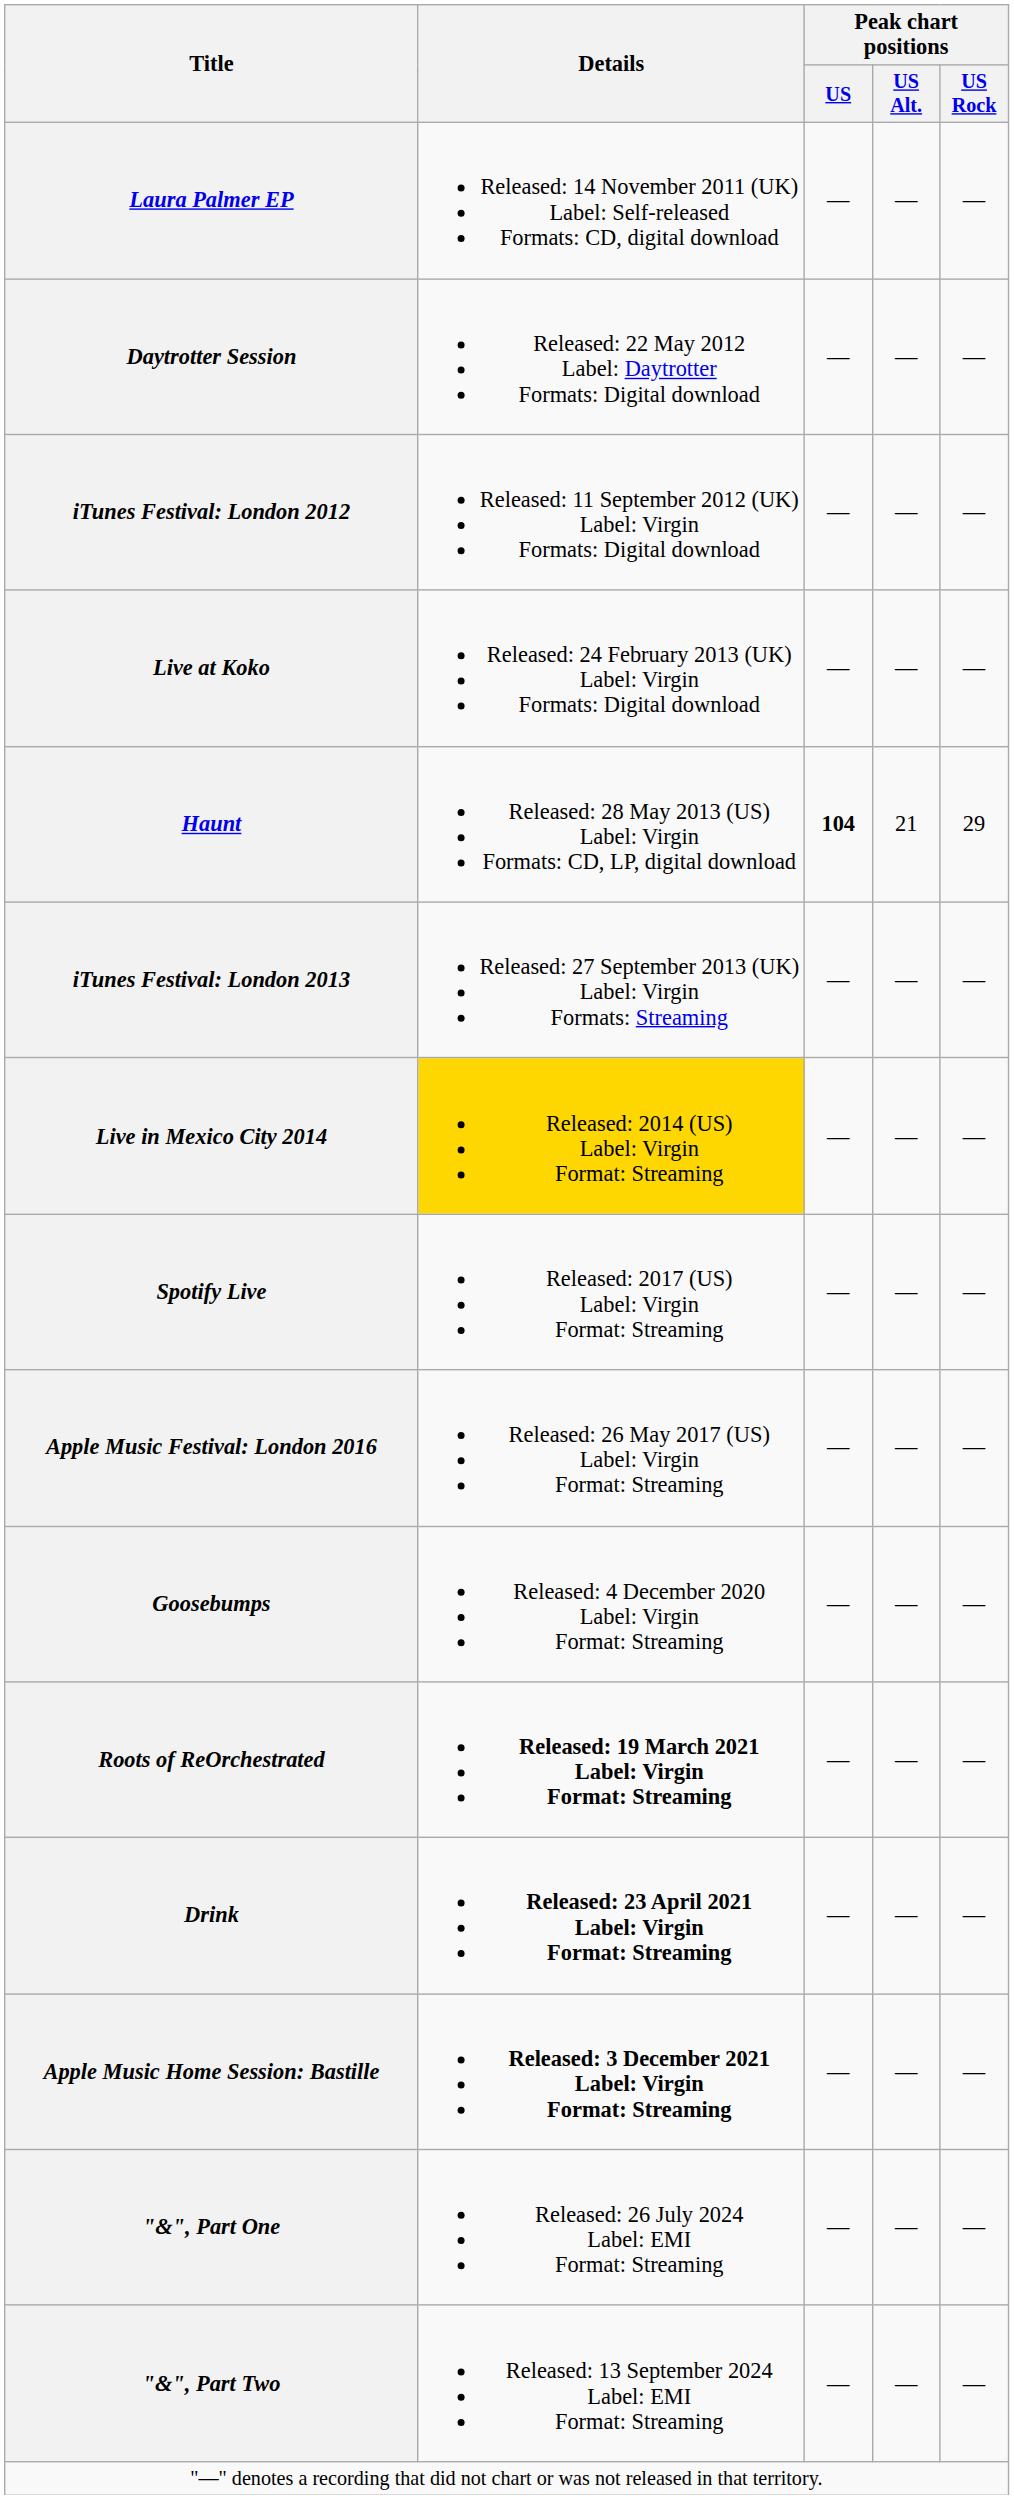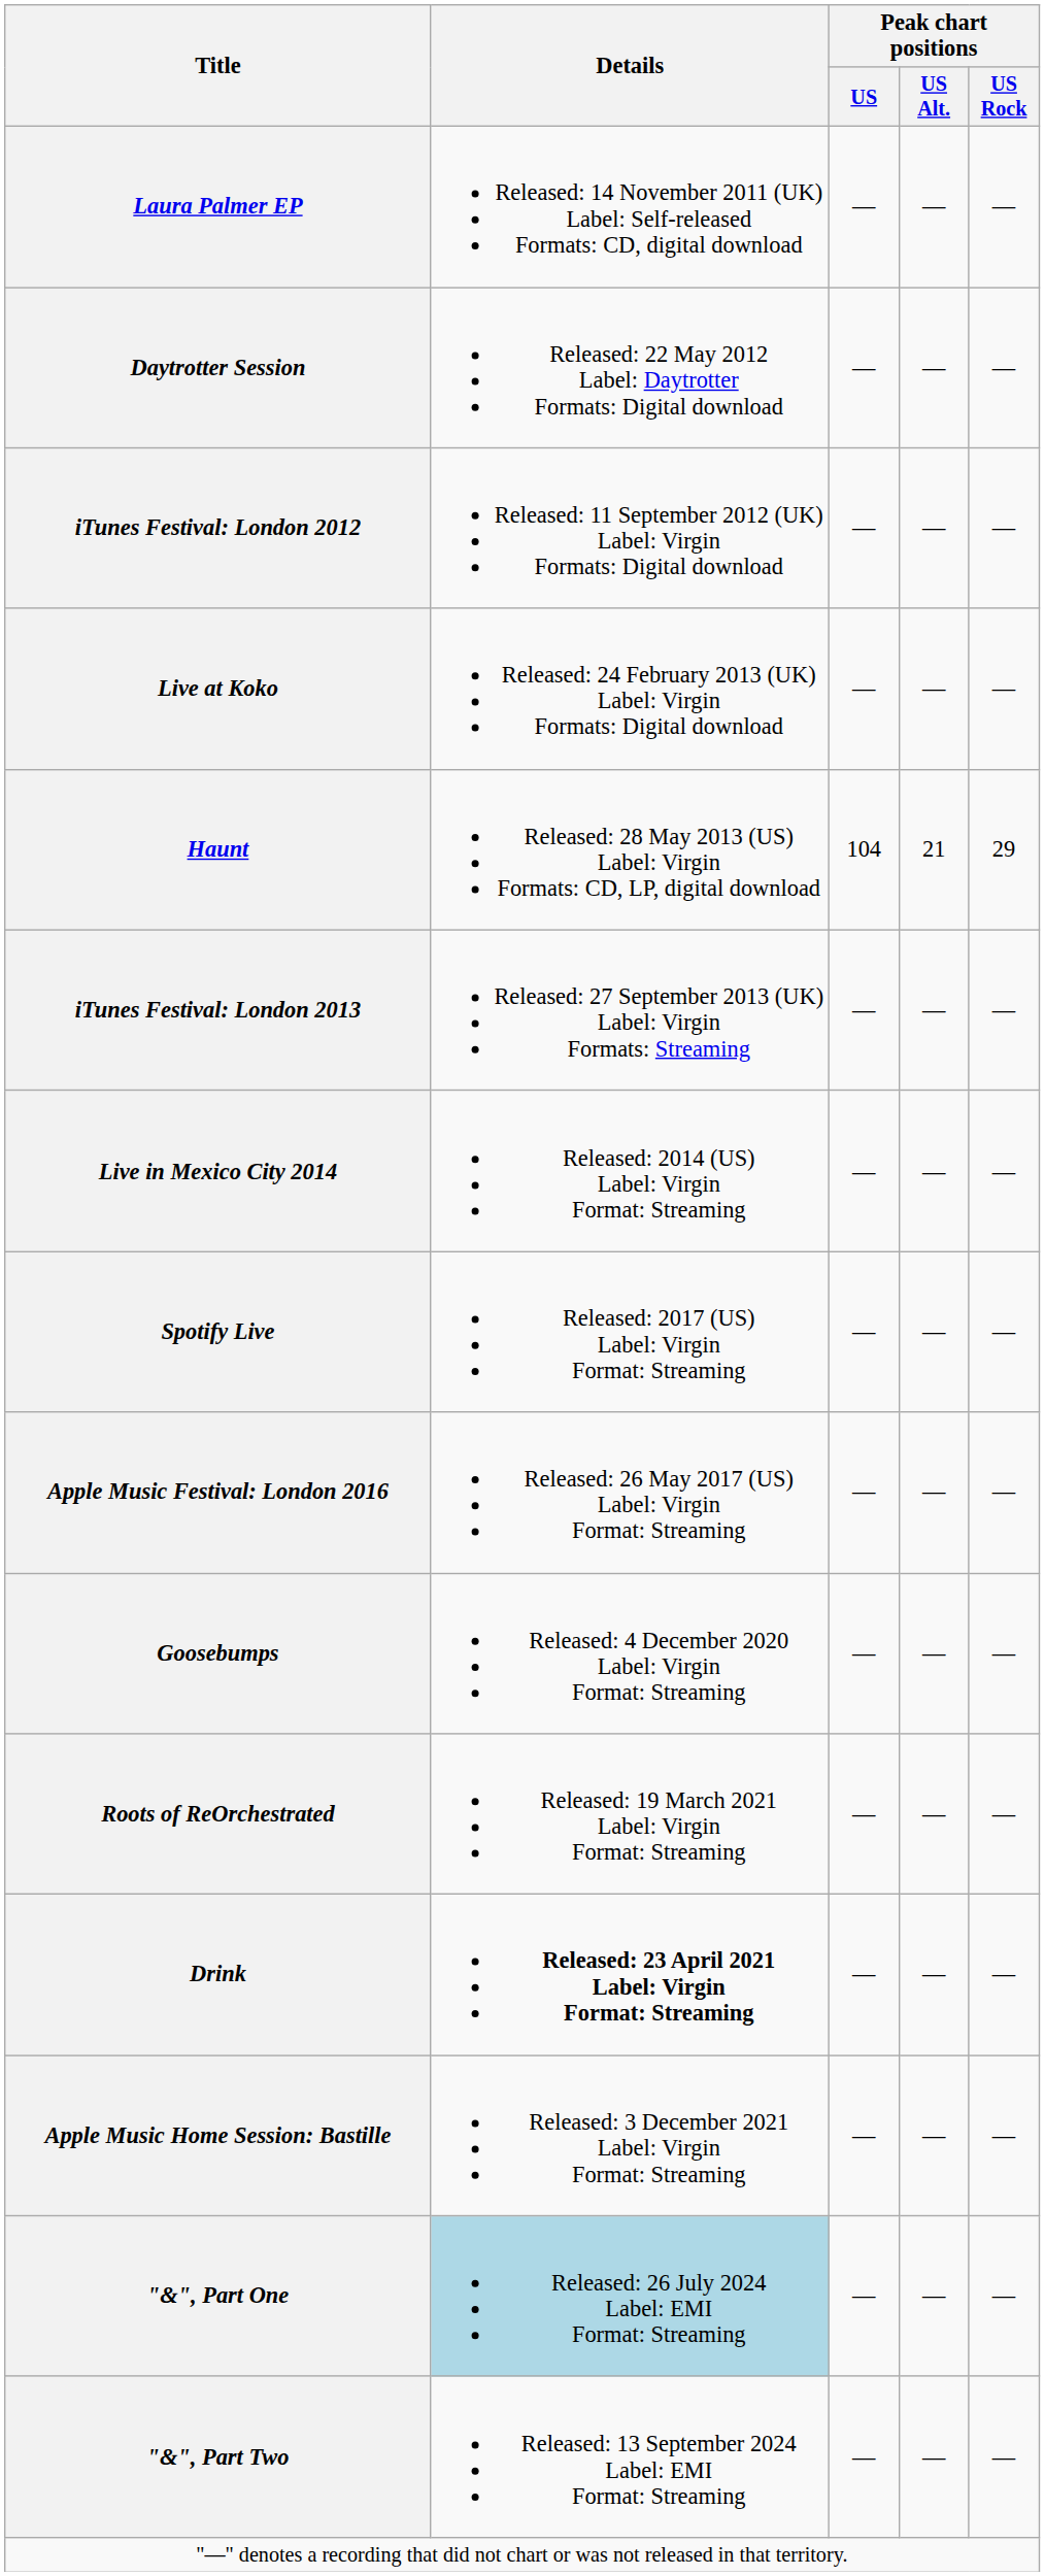 <table class="wikitable plainrowheaders" style="text-align:center;" border="1">
 <tr>
 <th scope="col" rowspan="2" style="width:18em;">Title</th>
 <th scope="col" rowspan="2">Details</th>
 <th scope="col" colspan="3">Peak chart positions</th>
 </tr>
 <tr>
 <th scope="col" style="width:2.9em;font-size:90%;"><a href='#'>US</a><br></th>
 <th scope="col" style="width:2.9em;font-size:90%;"><a href='#'>US<br>Alt.</a><br></th>
 <th scope="col" style="width:2.9em;font-size:90%;"><a href='#'>US<br>Rock</a><br></th>
 </tr>
 <tr>
 <th scope="row"><em><a href='#'>Laura Palmer EP</a></em></th>
 <td><br><ul><li>Released: 14 November 2011 <span>(UK)</span></li><li>Label: Self-released</li><li>Formats: CD, digital download</li></ul></td>
 <td>—</td>
 <td>—</td>
 <td>—</td>
 </tr>
 <tr>
 <th scope="row"><em>Daytrotter Session</em></th>
 <td><br><ul><li>Released: 22 May 2012</li><li>Label: <a href='#'>Daytrotter</a></li><li>Formats: Digital download</li></ul></td>
 <td>—</td>
 <td>—</td>
 <td>—</td>
 </tr>
 <tr>
 <th scope="row"><em>iTunes Festival: London 2012</em></th>
 <td><br><ul><li>Released: 11 September 2012 <span>(UK)</span></li><li>Label: Virgin</li><li>Formats: Digital download</li></ul></td>
 <td>—</td>
 <td>—</td>
 <td>—</td>
 </tr>
 <tr>
 <th scope="row"><em>Live at Koko</em></th>
 <td><br><ul><li>Released: 24 February 2013 <span>(UK)</span></li><li>Label: Virgin</li><li>Formats: Digital download</li></ul></td>
 <td>—</td>
 <td>—</td>
 <td>—</td>
 </tr>
 <tr>
 <th scope="row"><em><a href='#'>Haunt</a></em></th>
 <td><br><ul><li>Released: 28 May 2013 <span>(US)</span></li><li>Label: Virgin</li><li>Formats: CD, LP, digital download</li></ul></td>
-<td><strong>104</strong></td>
+<td>104</td>
 <td>21</td>
 <td>29</td>
 </tr>
 <tr>
 <th scope="row"><em>iTunes Festival: London 2013</em></th>
 <td><br><ul><li>Released: 27 September 2013 <span>(UK)</span></li><li>Label: Virgin</li><li>Formats: <a href='#'>Streaming</a></li></ul></td>
 <td>—</td>
 <td>—</td>
 <td>—</td>
 </tr>
 <tr>
 <th scope="row"><em>Live in Mexico City 2014</em></th>
-<td style="background: gold;"><br><ul><li>Released: 2014 <span>(US)</span></li><li>Label: Virgin</li><li>Format: Streaming</li></ul></td>
+<td><br><ul><li>Released: 2014 <span>(US)</span></li><li>Label: Virgin</li><li>Format: Streaming</li></ul></td>
 <td>—</td>
 <td>—</td>
 <td>—</td>
 </tr>
 <tr>
 <th scope="row"><em>Spotify Live</em></th>
 <td><br><ul><li>Released: 2017 <span>(US)</span></li><li>Label: Virgin</li><li>Format: Streaming</li></ul></td>
 <td>—</td>
 <td>—</td>
 <td>—</td>
 </tr>
 <tr>
 <th scope="row"><em>Apple Music Festival: London 2016</em></th>
 <td><br><ul><li>Released: 26 May 2017 <span>(US)</span></li><li>Label: Virgin</li><li>Format: Streaming</li></ul></td>
 <td>—</td>
 <td>—</td>
 <td>—</td>
 </tr>
 <tr>
 <th scope="row"><em>Goosebumps</em></th>
 <td><br><ul><li>Released: 4 December 2020</li><li>Label: Virgin</li><li>Format: Streaming</li></ul></td>
 <td>—</td>
 <td>—</td>
 <td>—</td>
 </tr>
 <tr>
 <th scope="row"><em>Roots of ReOrchestrated</em></th>
-<td><strong><br><ul><li>Released: 19 March 2021</li><li>Label: Virgin</li><li>Format: Streaming</li></ul></strong></td>
+<td><br><ul><li>Released: 19 March 2021</li><li>Label: Virgin</li><li>Format: Streaming</li></ul></td>
 <td>—</td>
 <td>—</td>
 <td>—</td>
 </tr>
 <tr>
 <th scope="row"><em>Drink</em></th>
 <td><strong><br><ul><li>Released: 23 April 2021</li><li>Label: Virgin</li><li>Format: Streaming</li></ul></strong></td>
 <td>—</td>
 <td>—</td>
 <td>—</td>
 </tr>
 <tr>
 <th scope="row"><em>Apple Music Home Session: Bastille</em></th>
-<td><strong><br><ul><li>Released: 3 December 2021</li><li>Label: Virgin</li><li>Format: Streaming</li></ul></strong></td>
+<td><br><ul><li>Released: 3 December 2021</li><li>Label: Virgin</li><li>Format: Streaming</li></ul></td>
 <td>—</td>
 <td>—</td>
 <td>—</td>
 </tr>
 <tr>
 <th scope="row"><em>"&", Part One</em></th>
-<td><br><ul><li>Released: 26 July 2024</li><li>Label: EMI</li><li>Format: Streaming</li></ul></td>
+<td style="background: lightblue;"><br><ul><li>Released: 26 July 2024</li><li>Label: EMI</li><li>Format: Streaming</li></ul></td>
 <td>—</td>
 <td>—</td>
 <td>—</td>
 </tr>
 <tr>
 <th scope="row"><em>"&", Part Two</em></th>
 <td><br><ul><li>Released: 13 September 2024</li><li>Label: EMI</li><li>Format: Streaming</li></ul></td>
 <td>—</td>
 <td>—</td>
 <td>—</td>
 </tr>
 <tr>
 <td colspan="7" style="font-size:90%">"—" denotes a recording that did not chart or was not released in that territory.</td>
 </tr>
 </table>
